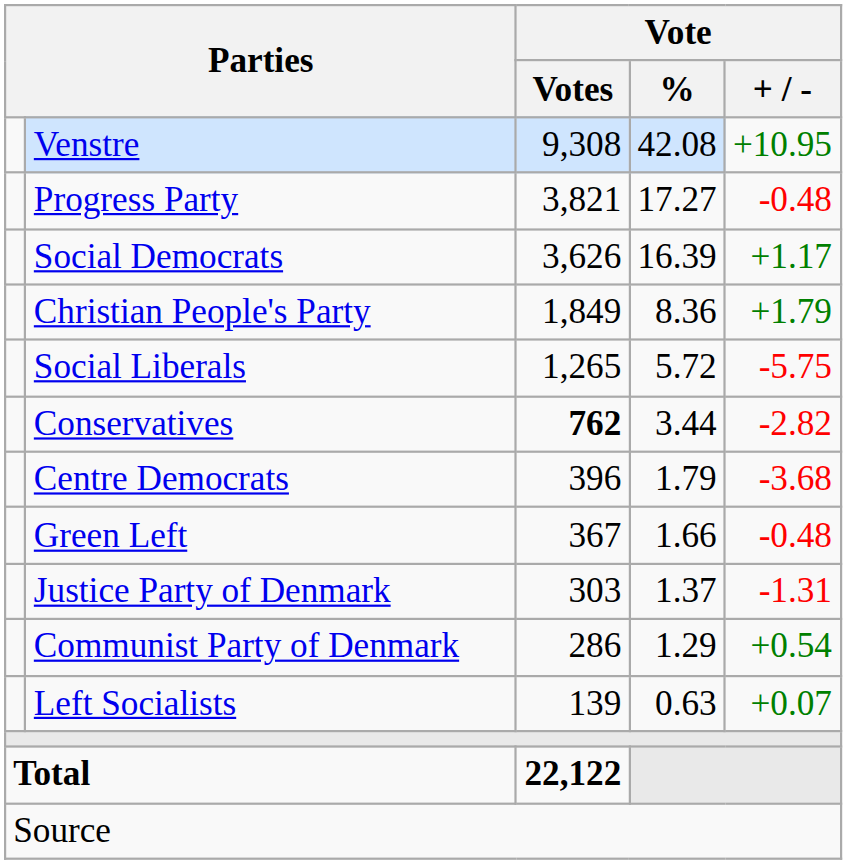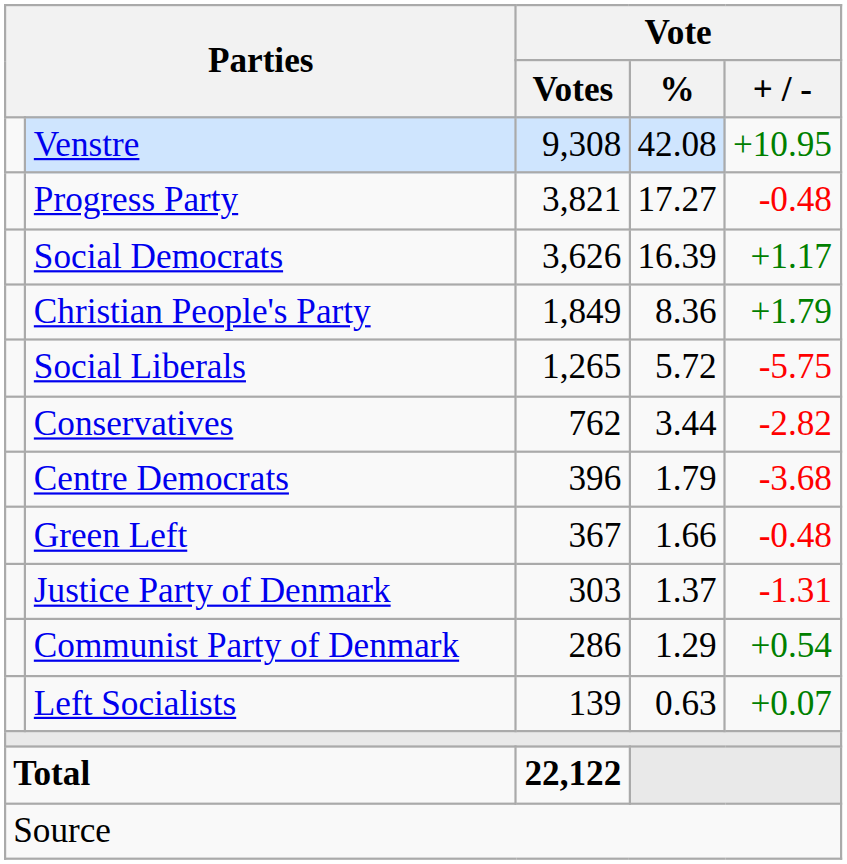 <table class="wikitable" style="text-align:right;">
 <tr>
 <th style="text-align:centre;" rowspan="2" colspan="2" width="225">Parties</th>
 <th colspan="3">Vote</th>
 </tr>
 <tr>
 <th width="15">Votes</th>
 <th width="15">%</th>
 <th width="15">+ / -</th>
 </tr>
 <tr>
 <td width="2" style="color:inherit;background:"></td>
 <td bgcolor=#cfe5fe  align="left"><a href='#'>Venstre</a></td>
 <td bgcolor=#cfe5fe>9,308</td>
 <td bgcolor=#cfe5fe>42.08</td>
 <td style=color:green;>+10.95</td>
 </tr>
 <tr>
 <td width="2" style="color:inherit;background:"></td>
 <td align="left"><a href='#'>Progress Party</a></td>
 <td>3,821</td>
 <td>17.27</td>
 <td style=color:red;>-0.48</td>
 </tr>
 <tr>
 <td width="2" style="color:inherit;background:"></td>
 <td align="left"><a href='#'>Social Democrats</a></td>
 <td>3,626</td>
 <td>16.39</td>
 <td style=color:green;>+1.17</td>
 </tr>
 <tr>
 <td width="2" style="color:inherit;background:"></td>
 <td align="left"><a href='#'>Christian People's Party</a></td>
 <td>1,849</td>
 <td>8.36</td>
 <td style=color:green;>+1.79</td>
 </tr>
 <tr>
 <td width="2" style="color:inherit;background:"></td>
 <td align="left"><a href='#'>Social Liberals</a></td>
 <td>1,265</td>
 <td>5.72</td>
 <td style=color:red;>-5.75</td>
 </tr>
 <tr>
 <td width="2" style="color:inherit;background:"></td>
 <td align="left"><a href='#'>Conservatives</a></td>
-<td><strong>762</strong></td>
+<td>762</td>
 <td>3.44</td>
 <td style=color:red;>-2.82</td>
 </tr>
 <tr>
 <td width="2" style="color:inherit;background:"></td>
 <td align="left"><a href='#'>Centre Democrats</a></td>
 <td>396</td>
 <td>1.79</td>
 <td style=color:red;>-3.68</td>
 </tr>
 <tr>
 <td width="2" style="color:inherit;background:"></td>
 <td align="left"><a href='#'>Green Left</a></td>
 <td>367</td>
 <td>1.66</td>
 <td style=color:red;>-0.48</td>
 </tr>
 <tr>
 <td width="2" style="color:inherit;background:"></td>
 <td align="left"><a href='#'>Justice Party of Denmark</a></td>
 <td>303</td>
 <td>1.37</td>
 <td style=color:red;>-1.31</td>
 </tr>
 <tr>
 <td width="2" style="color:inherit;background:"></td>
 <td align="left"><a href='#'>Communist Party of Denmark</a></td>
 <td>286</td>
 <td>1.29</td>
 <td style=color:green;>+0.54</td>
 </tr>
 <tr>
 <td width="2" style="color:inherit;background:"></td>
 <td align="left"><a href='#'>Left Socialists</a></td>
 <td>139</td>
 <td>0.63</td>
 <td style=color:green;>+0.07</td>
 </tr>
 <tr>
 <td colspan="7" bgcolor="#E9E9E9"></td>
 </tr>
 <tr>
 <td align="left" colspan="2"><strong>Total</strong></td>
 <td><strong>22,122</strong></td>
 <td bgcolor="#E9E9E9" colspan="2"></td>
 </tr>
 <tr>
 <td align="left" colspan="6">Source</td>
 </tr>
 </table>
